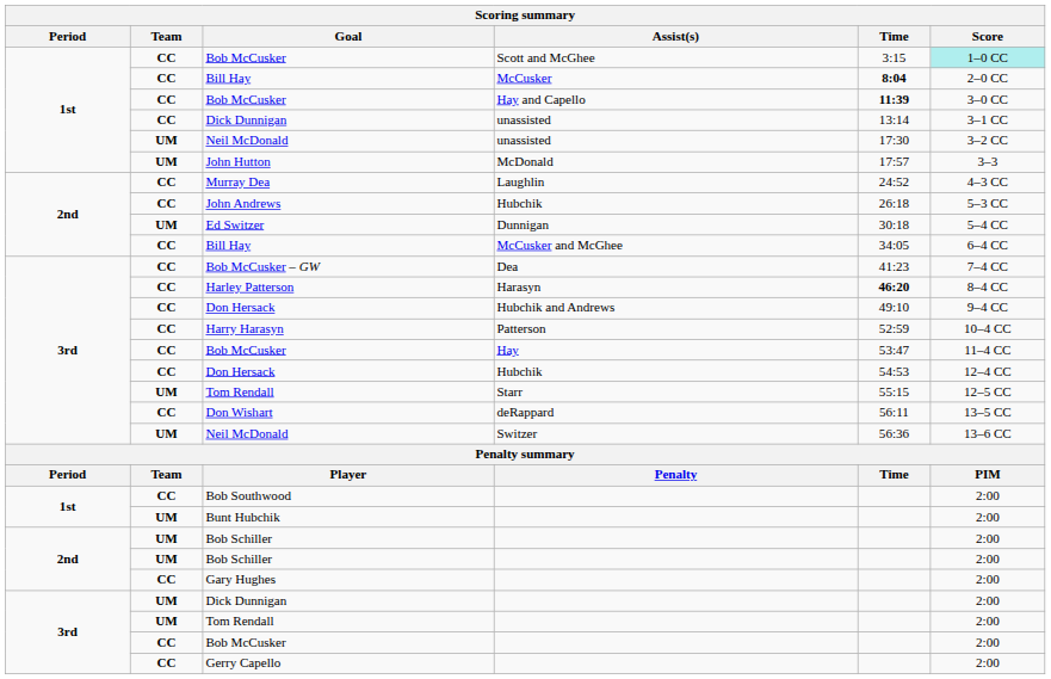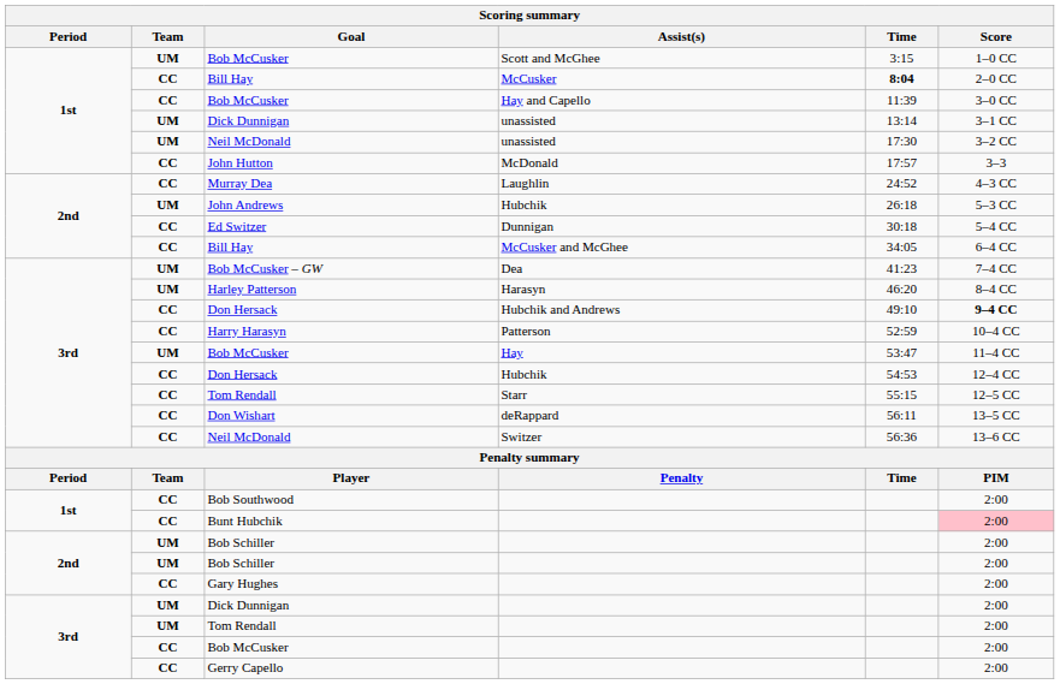 <table style="width:100%;" class="wikitable">
 <tr>
 <th colspan=6>Scoring summary</th>
 </tr>
 <tr>
 <th style="width:12%;">Period</th>
 <th style="width:7%;">Team</th>
 <th style="width:28%;">Goal</th>
 <th style="width:35%;">Assist(s)</th>
 <th style="width:7%;">Time</th>
 <th style="width:11%;">Score</th>
 </tr>
 <tr>
 <td style="text-align:center;" rowspan="6"><strong>1st</strong></td>
-<td align=center><strong>CC</strong></td>
+<td align=center><strong>UM</strong></td>
 <td><a href='#'>Bob McCusker</a></td>
 <td>Scott and McGhee</td>
 <td align=center>3:15</td>
-<td align=center style="background: paleturquoise;">1–0 CC</td>
+<td align=center>1–0 CC</td>
 </tr>
 <tr>
 <td align=center><strong>CC</strong></td>
 <td><a href='#'>Bill Hay</a></td>
 <td><a href='#'>McCusker</a></td>
 <td align=center><strong>8:04</strong></td>
 <td align=center>2–0 CC</td>
 </tr>
 <tr>
 <td align=center><strong>CC</strong></td>
 <td><a href='#'>Bob McCusker</a></td>
 <td><a href='#'>Hay</a> and Capello</td>
-<td align=center><strong>11:39</strong></td>
+<td align=center>11:39</td>
 <td align=center>3–0 CC</td>
 </tr>
 <tr>
-<td align=center><strong>CC</strong></td>
+<td align=center><strong>UM</strong></td>
 <td><a href='#'>Dick Dunnigan</a></td>
 <td>unassisted</td>
 <td align=center>13:14</td>
 <td align=center>3–1 CC</td>
 </tr>
 <tr>
 <td align=center><strong>UM</strong></td>
 <td><a href='#'>Neil McDonald</a></td>
 <td>unassisted</td>
 <td align=center>17:30</td>
 <td align=center>3–2 CC</td>
 </tr>
 <tr>
-<td align=center><strong>UM</strong></td>
+<td align=center><strong>CC</strong></td>
 <td><a href='#'>John Hutton</a></td>
 <td>McDonald</td>
 <td align=center>17:57</td>
 <td align=center>3–3</td>
 </tr>
 <tr>
 <td style="text-align:center;" rowspan="4"><strong>2nd</strong></td>
 <td align=center><strong>CC</strong></td>
 <td><a href='#'>Murray Dea</a></td>
 <td>Laughlin</td>
 <td align=center>24:52</td>
 <td align=center>4–3 CC</td>
 </tr>
 <tr>
-<td align=center><strong>CC</strong></td>
+<td align=center><strong>UM</strong></td>
 <td><a href='#'>John Andrews</a></td>
 <td>Hubchik</td>
 <td align=center>26:18</td>
 <td align=center>5–3 CC</td>
 </tr>
 <tr>
-<td align=center><strong>UM</strong></td>
+<td align=center><strong>CC</strong></td>
 <td><a href='#'>Ed Switzer</a></td>
 <td>Dunnigan</td>
 <td align=center>30:18</td>
 <td align=center>5–4 CC</td>
 </tr>
 <tr>
 <td align=center><strong>CC</strong></td>
 <td><a href='#'>Bill Hay</a></td>
 <td><a href='#'>McCusker</a> and McGhee</td>
 <td align=center>34:05</td>
 <td align=center>6–4 CC</td>
 </tr>
 <tr>
 <td style="text-align:center;" rowspan="9"><strong>3rd</strong></td>
-<td align=center><strong>CC</strong></td>
+<td align=center><strong>UM</strong></td>
 <td><a href='#'>Bob McCusker</a> – <em>GW</em></td>
 <td>Dea</td>
 <td align=center>41:23</td>
 <td align=center>7–4 CC</td>
 </tr>
 <tr>
-<td align=center><strong>CC</strong></td>
+<td align=center><strong>UM</strong></td>
 <td><a href='#'>Harley Patterson</a></td>
 <td>Harasyn</td>
-<td align=center><strong>46:20</strong></td>
+<td align=center>46:20</td>
 <td align=center>8–4 CC</td>
 </tr>
 <tr>
 <td align=center><strong>CC</strong></td>
 <td><a href='#'>Don Hersack</a></td>
 <td>Hubchik and Andrews</td>
 <td align=center>49:10</td>
-<td align=center>9–4 CC</td>
+<td align=center><strong>9–4 CC</strong></td>
 </tr>
 <tr>
 <td align=center><strong>CC</strong></td>
 <td><a href='#'>Harry Harasyn</a></td>
 <td>Patterson</td>
 <td align=center>52:59</td>
 <td align=center>10–4 CC</td>
 </tr>
 <tr>
-<td align=center><strong>CC</strong></td>
+<td align=center><strong>UM</strong></td>
 <td><a href='#'>Bob McCusker</a></td>
 <td><a href='#'>Hay</a></td>
 <td align=center>53:47</td>
 <td align=center>11–4 CC</td>
 </tr>
 <tr>
 <td align=center><strong>CC</strong></td>
 <td><a href='#'>Don Hersack</a></td>
 <td>Hubchik</td>
 <td align=center>54:53</td>
 <td align=center>12–4 CC</td>
 </tr>
 <tr>
-<td align=center><strong>UM</strong></td>
+<td align=center><strong>CC</strong></td>
 <td><a href='#'>Tom Rendall</a></td>
 <td>Starr</td>
 <td align=center>55:15</td>
 <td align=center>12–5 CC</td>
 </tr>
 <tr>
 <td align=center><strong>CC</strong></td>
 <td><a href='#'>Don Wishart</a></td>
 <td>deRappard</td>
 <td align=center>56:11</td>
 <td align=center>13–5 CC</td>
 </tr>
 <tr>
-<td align=center><strong>UM</strong></td>
+<td align=center><strong>CC</strong></td>
 <td><a href='#'>Neil McDonald</a></td>
 <td>Switzer</td>
 <td align=center>56:36</td>
 <td align=center>13–6 CC</td>
 </tr>
 <tr>
 <th colspan=6>Penalty summary</th>
 </tr>
 <tr>
 <th style="width:12%;">Period</th>
 <th style="width:7%;">Team</th>
 <th style="width:28%;">Player</th>
 <th style="width:35%;"><a href='#'>Penalty</a></th>
 <th style="width:7%;">Time</th>
 <th style="width:11%;">PIM</th>
 </tr>
 <tr>
 <td style="text-align:center;" rowspan="2"><strong>1st</strong></td>
 <td align=center><strong>CC</strong></td>
 <td>Bob Southwood</td>
 <td></td>
 <td align=center></td>
 <td align=center>2:00</td>
 </tr>
 <tr>
-<td align=center><strong>UM</strong></td>
+<td align=center><strong>CC</strong></td>
 <td>Bunt Hubchik</td>
 <td></td>
 <td align=center></td>
-<td align=center>2:00</td>
+<td align=center style="background: pink;">2:00</td>
 </tr>
 <tr>
 <td style="text-align:center;" rowspan="3"><strong>2nd</strong></td>
 <td align=center><strong>UM</strong></td>
 <td>Bob Schiller</td>
 <td></td>
 <td align=center></td>
 <td align=center>2:00</td>
 </tr>
 <tr>
 <td align=center><strong>UM</strong></td>
 <td>Bob Schiller</td>
 <td></td>
 <td align=center></td>
 <td align=center>2:00</td>
 </tr>
 <tr>
 <td align=center><strong>CC</strong></td>
 <td>Gary Hughes</td>
 <td></td>
 <td align=center></td>
 <td align=center>2:00</td>
 </tr>
 <tr>
 <td style="text-align:center;" rowspan="4"><strong>3rd</strong></td>
 <td align=center><strong>UM</strong></td>
 <td>Dick Dunnigan</td>
 <td></td>
 <td align=center></td>
 <td align=center>2:00</td>
 </tr>
 <tr>
 <td align=center><strong>UM</strong></td>
 <td>Tom Rendall</td>
 <td></td>
 <td align=center></td>
 <td align=center>2:00</td>
 </tr>
 <tr>
 <td align=center><strong>CC</strong></td>
 <td>Bob McCusker</td>
 <td></td>
 <td align=center></td>
 <td align=center>2:00</td>
 </tr>
 <tr>
 <td align=center><strong>CC</strong></td>
 <td>Gerry Capello</td>
 <td></td>
 <td align=center></td>
 <td align=center>2:00</td>
 </tr>
 </table>
